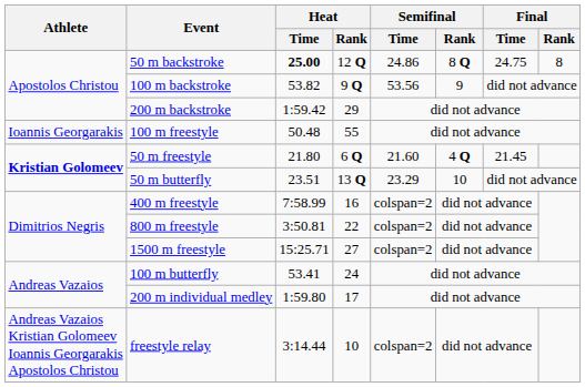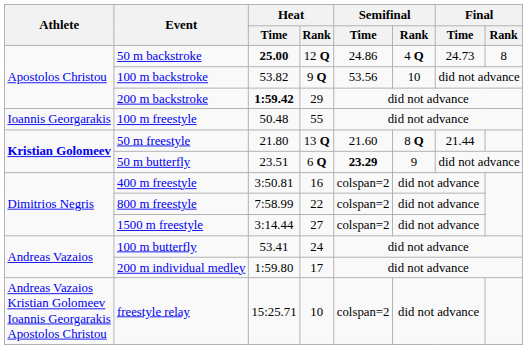 <table class=wikitable style="font-size:90%">
 <tr>
 <th rowspan="2">Athlete</th>
 <th rowspan="2">Event</th>
 <th colspan="2">Heat</th>
 <th colspan="2">Semifinal</th>
 <th colspan="2">Final</th>
 </tr>
 <tr style="font-size:95%">
 <th>Time</th>
 <th>Rank</th>
 <th>Time</th>
 <th>Rank</th>
 <th>Time</th>
 <th>Rank</th>
 </tr>
 <tr align=center>
 <td align=left rowspan=3><a href='#'>Apostolos Christou</a></td>
 <td align=left><a href='#'>50 m backstroke</a></td>
 <td><strong>25.00</strong></td>
 <td>12 <strong>Q</strong></td>
 <td>24.86</td>
-<td>8 <strong>Q</strong></td>
-<td>24.75</td>
+<td>4 <strong>Q</strong></td>
+<td>24.73</td>
 <td>8</td>
 </tr>
 <tr align=center>
 <td align=left><a href='#'>100 m backstroke</a></td>
 <td>53.82</td>
 <td>9 <strong>Q</strong></td>
 <td>53.56</td>
-<td>9</td>
+<td>10</td>
 <td colspan=2>did not advance</td>
 </tr>
 <tr align=center>
 <td align=left><a href='#'>200 m backstroke</a></td>
-<td>1:59.42</td>
+<td><strong>1:59.42</strong></td>
 <td>29</td>
 <td colspan=4>did not advance</td>
 </tr>
 <tr align=center>
 <td align=left><a href='#'>Ioannis Georgarakis</a></td>
 <td align=left><a href='#'>100 m freestyle</a></td>
 <td>50.48</td>
 <td>55</td>
 <td colspan=4>did not advance</td>
 </tr>
 <tr align=center>
 <td align=left rowspan=2><strong><a href='#'>Kristian Golomeev</a></strong></td>
 <td align=left><a href='#'>50 m freestyle</a></td>
 <td>21.80</td>
-<td>6 <strong>Q</strong></td>
+<td>13 <strong>Q</strong></td>
 <td>21.60</td>
-<td>4 <strong>Q</strong></td>
-<td>21.45</td>
+<td>8 <strong>Q</strong></td>
+<td>21.44</td>
 <td></td>
 </tr>
 <tr align=center>
 <td align=left><a href='#'>50 m butterfly</a></td>
 <td>23.51</td>
-<td>13 <strong>Q</strong></td>
-<td>23.29</td>
-<td>10</td>
+<td>6 <strong>Q</strong></td>
+<td><strong>23.29</strong></td>
+<td>9</td>
 <td colspan=2>did not advance</td>
 </tr>
 <tr align=center>
 <td align=left rowspan=3><a href='#'>Dimitrios Negris</a></td>
 <td align=left><a href='#'>400 m freestyle</a></td>
-<td>7:58.99</td>
+<td>3:50.81</td>
 <td>16</td>
 <td>colspan=2 </td>
 <td colspan=2>did not advance</td>
 </tr>
 <tr align=center>
 <td align=left><a href='#'>800 m freestyle</a></td>
-<td>3:50.81</td>
+<td>7:58.99</td>
 <td>22</td>
 <td>colspan=2 </td>
 <td colspan=2>did not advance</td>
 </tr>
 <tr align=center>
 <td align=left><a href='#'>1500 m freestyle</a></td>
-<td>15:25.71</td>
+<td>3:14.44</td>
 <td>27</td>
 <td>colspan=2 </td>
 <td colspan=2>did not advance</td>
 </tr>
 <tr align=center>
 <td align=left rowspan=2><a href='#'>Andreas Vazaios</a></td>
 <td align=left><a href='#'>100 m butterfly</a></td>
 <td>53.41</td>
 <td>24</td>
 <td colspan=4>did not advance</td>
 </tr>
 <tr align=center>
 <td align=left><a href='#'>200 m individual medley</a></td>
 <td>1:59.80</td>
 <td>17</td>
 <td colspan=4>did not advance</td>
 </tr>
 <tr align=center>
 <td align=left><a href='#'>Andreas Vazaios</a><br><a href='#'>Kristian Golomeev</a><br><a href='#'>Ioannis Georgarakis</a><br><a href='#'>Apostolos Christou</a></td>
 <td align=left><a href='#'> freestyle relay</a></td>
-<td>3:14.44</td>
+<td>15:25.71</td>
 <td>10</td>
 <td>colspan=2 </td>
 <td colspan=2>did not advance</td>
 </tr>
 </table>
